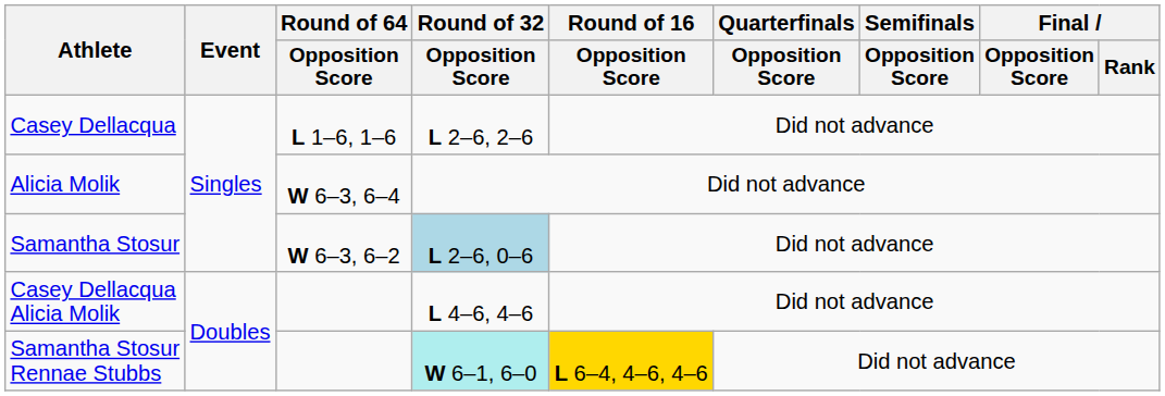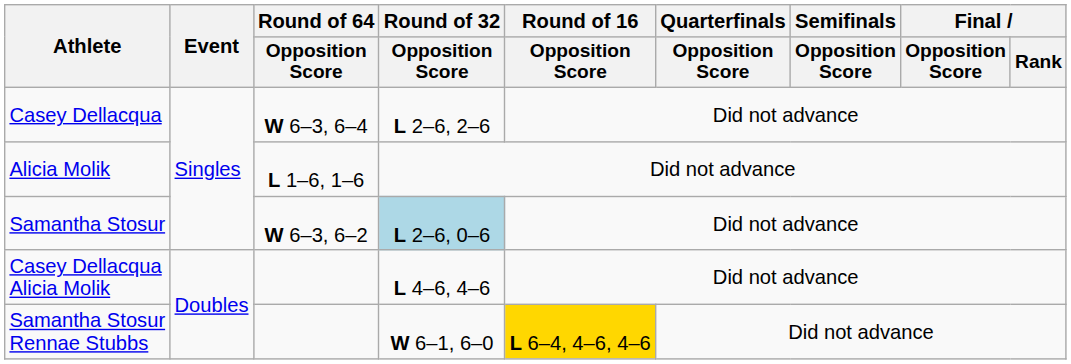 <table class=wikitable style="font-size:90%">
 <tr>
 <th rowspan="2">Athlete</th>
 <th rowspan="2">Event</th>
 <th>Round of 64</th>
 <th>Round of 32</th>
 <th>Round of 16</th>
 <th>Quarterfinals</th>
 <th>Semifinals</th>
 <th colspan=2>Final / </th>
 </tr>
 <tr style="font-size:95%">
 <th>Opposition<br>Score</th>
 <th>Opposition<br>Score</th>
 <th>Opposition<br>Score</th>
 <th>Opposition<br>Score</th>
 <th>Opposition<br>Score</th>
 <th>Opposition<br>Score</th>
 <th>Rank</th>
 </tr>
 <tr align=center>
 <td align=left><a href='#'>Casey Dellacqua</a></td>
 <td align=left rowspan=3><a href='#'>Singles</a></td>
-<td><br><strong>L</strong> 1–6, 1–6</td>
+<td><br><strong>W</strong> 6–3, 6–4</td>
 <td><br><strong>L</strong> 2–6, 2–6</td>
 <td colspan=5>Did not advance</td>
 </tr>
 <tr align=center>
 <td align=left><a href='#'>Alicia Molik</a></td>
-<td><br><strong>W</strong> 6–3, 6–4</td>
+<td><br><strong>L</strong> 1–6, 1–6</td>
 <td colspan=6>Did not advance</td>
 </tr>
 <tr align=center>
 <td align=left><a href='#'>Samantha Stosur</a></td>
 <td><br><strong>W</strong> 6–3, 6–2</td>
 <td style="background: lightblue;"><br><strong>L</strong> 2–6, 0–6</td>
 <td colspan=5>Did not advance</td>
 </tr>
 <tr align=center>
 <td align=left><a href='#'>Casey Dellacqua</a><br><a href='#'>Alicia Molik</a></td>
 <td align=left rowspan=2><a href='#'>Doubles</a></td>
 <td></td>
 <td><br><strong>L</strong> 4–6, 4–6</td>
 <td colspan=5>Did not advance</td>
 </tr>
 <tr align=center>
 <td align=left><a href='#'>Samantha Stosur</a><br><a href='#'>Rennae Stubbs</a></td>
 <td></td>
-<td style="background: paleturquoise;"><br><strong>W</strong> 6–1, 6–0</td>
+<td><br><strong>W</strong> 6–1, 6–0</td>
 <td style="background: gold;"><br><strong>L</strong> 6–4, 4–6, 4–6</td>
 <td colspan=4>Did not advance</td>
 </tr>
 </table>
